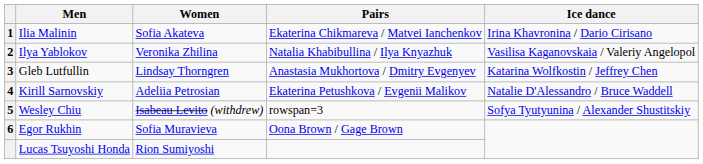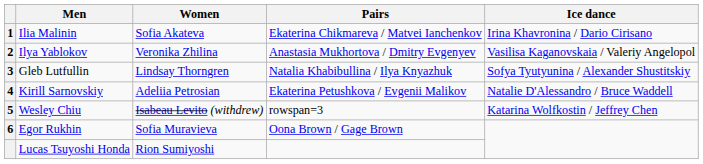 <table class="wikitable unsortable" style="text-align:left">
 <tr>
 <th scope="col"></th>
 <th scope="col">Men</th>
 <th scope="col">Women</th>
 <th scope="col">Pairs</th>
 <th scope="col">Ice dance</th>
 </tr>
 <tr>
 <th scope="row">1</th>
 <td> <a href='#'>Ilia Malinin</a></td>
 <td> <a href='#'>Sofia Akateva</a></td>
 <td> <a href='#'>Ekaterina Chikmareva</a> / <a href='#'>Matvei Ianchenkov</a></td>
 <td> <a href='#'>Irina Khavronina</a> / <a href='#'>Dario Cirisano</a></td>
 </tr>
 <tr>
 <th scope="row">2</th>
 <td> <a href='#'>Ilya Yablokov</a></td>
 <td> <a href='#'>Veronika Zhilina</a></td>
-<td> <a href='#'>Natalia Khabibullina</a> / <a href='#'>Ilya Knyazhuk</a></td>
+<td> <a href='#'>Anastasia Mukhortova</a> / <a href='#'>Dmitry Evgenyev</a></td>
 <td> <a href='#'>Vasilisa Kaganovskaia</a> / Valeriy Angelopol</td>
 </tr>
 <tr>
 <th scope="row">3</th>
 <td> Gleb Lutfullin</td>
 <td> <a href='#'>Lindsay Thorngren</a></td>
-<td> <a href='#'>Anastasia Mukhortova</a> / <a href='#'>Dmitry Evgenyev</a></td>
-<td> <a href='#'>Katarina Wolfkostin</a> / <a href='#'>Jeffrey Chen</a></td>
+<td> <a href='#'>Natalia Khabibullina</a> / <a href='#'>Ilya Knyazhuk</a></td>
+<td> <a href='#'>Sofya Tyutyunina</a> / <a href='#'>Alexander Shustitskiy</a></td>
 </tr>
 <tr>
 <th scope="row">4</th>
 <td> <a href='#'>Kirill Sarnovskiy</a></td>
 <td> <a href='#'>Adeliia Petrosian</a></td>
 <td> <a href='#'>Ekaterina Petushkova</a> / <a href='#'>Evgenii Malikov</a></td>
 <td> <a href='#'>Natalie D'Alessandro</a> / <a href='#'>Bruce Waddell</a></td>
 </tr>
 <tr>
 <th scope="row">5</th>
 <td> <a href='#'>Wesley Chiu</a></td>
 <td> <s><a href='#'>Isabeau Levito</a></s> <em>(withdrew)</em></td>
 <td>rowspan=3 </td>
-<td> <a href='#'>Sofya Tyutyunina</a> / <a href='#'>Alexander Shustitskiy</a></td>
+<td> <a href='#'>Katarina Wolfkostin</a> / <a href='#'>Jeffrey Chen</a></td>
 </tr>
 <tr>
 <th scope="row">6</th>
 <td> <a href='#'>Egor Rukhin</a></td>
 <td> <a href='#'>Sofia Muravieva</a></td>
 <td> <a href='#'>Oona Brown</a> / <a href='#'>Gage Brown</a></td>
 </tr>
 <tr>
 <th scope="row"></th>
 <td> <a href='#'>Lucas Tsuyoshi Honda</a></td>
 <td> <a href='#'>Rion Sumiyoshi</a></td>
 <td></td>
 </tr>
 </table>
